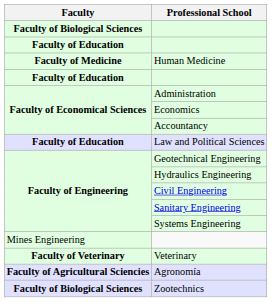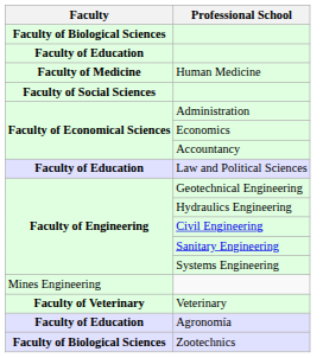 <table class="wikitable" style="text-align:center">
 <tr>
 <th>Faculty</th>
 <th>Professional School</th>
 </tr>
 <tr style="background-color:#E0FFE0">
 <td rowspan="1"><strong>Faculty of Biological Sciences</strong></td>
 <td style="text-align:left"></td>
 </tr>
 <tr style="background-color:#E0FFE0">
 <td rowspan="1"><strong>Faculty of Education</strong></td>
 <td style="text-align:left"></td>
 </tr>
 <tr style="background-color:#E0FFE0">
 <td rowspan="1"><strong>Faculty of Medicine</strong></td>
 <td style="text-align:left">Human Medicine</td>
 </tr>
 <tr style="background-color:#E0FFE0">
-<td rowspan="1"><strong>Faculty of Education</strong></td>
+<td rowspan="1"><strong>Faculty of Social Sciences</strong></td>
 <td style="text-align:left"></td>
 </tr>
 <tr style="background-color:#E0FFE0">
 <td rowspan="3"><strong>Faculty of Economical Sciences</strong></td>
 <td style="text-align:left">Administration</td>
 </tr>
 <tr style="background-color:#E0FFE0">
 <td style="text-align:left">Economics</td>
 </tr>
 <tr style="background-color:#E0FFE0">
 <td style="text-align:left">Accountancy</td>
 </tr>
 <tr style="background-color:#E0E0FF">
 <td rowspan="1"><strong>Faculty of Education</strong></td>
 <td style="text-align:left">Law and Political Sciences</td>
 </tr>
 <tr style="background-color:#E0FFE0">
 <td rowspan="5"><strong>Faculty of Engineering</strong></td>
 <td style="text-align:left">Geotechnical Engineering</td>
 </tr>
 <tr style="background-color:#E0FFE0">
 <td style="text-align:left">Hydraulics Engineering</td>
 </tr>
 <tr style="background-color:#E0FFE0">
 <td style="text-align:left"><a href='#'>Civil Engineering</a></td>
 </tr>
 <tr style="background-color:#E0FFE0">
 <td style="text-align:left"><a href='#'>Sanitary Engineering</a></td>
 </tr>
 <tr style="background-color:#E0FFE0">
 <td style="text-align:left">Systems Engineering</td>
 </tr>
 <tr style="background-color:#E0FFE0">
 <td style="text-align:left">Mines Engineering</td>
 </tr>
 <tr style="background-color:#E0FFE0">
 <td rowspan="1"><strong>Faculty of Veterinary</strong></td>
 <td style="text-align:left">Veterinary</td>
 </tr>
 <tr style="background-color:#E0E0FF">
-<td rowspan="1"><strong>Faculty of Agricultural Sciencies</strong></td>
+<td rowspan="1"><strong>Faculty of Education</strong></td>
 <td style="text-align:left">Agronomía</td>
 </tr>
 <tr style="background-color:#E0E0FF">
 <td rowspan="1"><strong>Faculty of Biological Sciences</strong></td>
 <td style="text-align:left">Zootechnics</td>
 </tr>
 </table>
